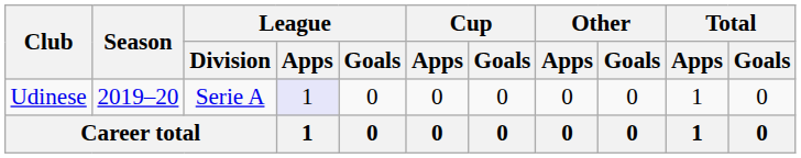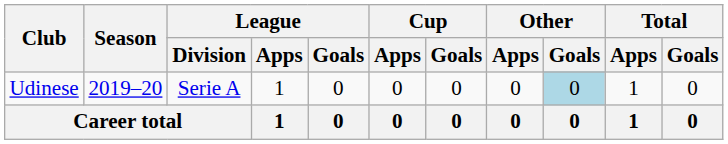 <table class="wikitable" style="text-align: center">
 <tr>
 <th rowspan="2">Club</th>
 <th rowspan="2">Season</th>
 <th colspan="3">League</th>
 <th colspan="2">Cup</th>
 <th colspan="2">Other</th>
 <th colspan="2">Total</th>
 </tr>
 <tr>
 <th>Division</th>
 <th>Apps</th>
 <th>Goals</th>
 <th>Apps</th>
 <th>Goals</th>
 <th>Apps</th>
 <th>Goals</th>
 <th>Apps</th>
 <th>Goals</th>
 </tr>
 <tr>
 <td><a href='#'>Udinese</a></td>
 <td><a href='#'>2019–20</a></td>
 <td><a href='#'>Serie A</a></td>
-<td style="background: lavender;">1</td>
+<td>1</td>
 <td>0</td>
 <td>0</td>
 <td>0</td>
 <td>0</td>
-<td>0</td>
+<td style="background: lightblue;">0</td>
 <td>1</td>
 <td>0</td>
 </tr>
 <tr>
 <th colspan="3">Career total</th>
 <th>1</th>
 <th>0</th>
 <th>0</th>
 <th>0</th>
 <th>0</th>
 <th>0</th>
 <th>1</th>
 <th>0</th>
 </tr>
 </table>
